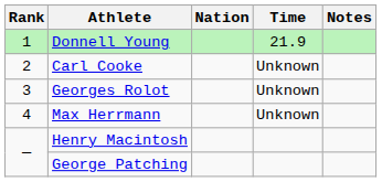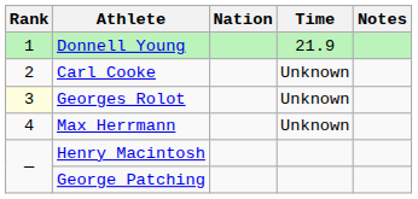 <table class="wikitable sortable" style="text-align:center">
 <tr>
 <th>Rank</th>
 <th>Athlete</th>
 <th>Nation</th>
 <th>Time</th>
 <th>Notes</th>
 </tr>
 <tr bgcolor=bbf3bb>
 <td>1</td>
 <td align=left><a href='#'>Donnell Young</a></td>
 <td align=left></td>
 <td>21.9</td>
 <td></td>
 </tr>
 <tr>
 <td>2</td>
 <td align=left><a href='#'>Carl Cooke</a></td>
 <td align=left></td>
 <td data-sort-value=30.0>Unknown</td>
 <td></td>
 </tr>
 <tr>
-<td>3</td>
+<td style="background: lightyellow;">3</td>
 <td align=left><a href='#'>Georges Rolot</a></td>
 <td align=left></td>
 <td data-sort-value=30.0>Unknown</td>
 <td></td>
 </tr>
 <tr>
 <td>4</td>
 <td align=left><a href='#'>Max Herrmann</a></td>
 <td align=left></td>
 <td data-sort-value=30.0>Unknown</td>
 <td></td>
 </tr>
 <tr>
 <td rowspan=2 data-sort-value=5>—</td>
 <td align=left><a href='#'>Henry Macintosh</a></td>
 <td align=left></td>
 <td data-sort-value=99.9></td>
 <td></td>
 </tr>
 <tr>
 <td align=left><a href='#'>George Patching</a></td>
 <td align=left></td>
 <td data-sort-value=99.9></td>
 <td></td>
 </tr>
 </table>
